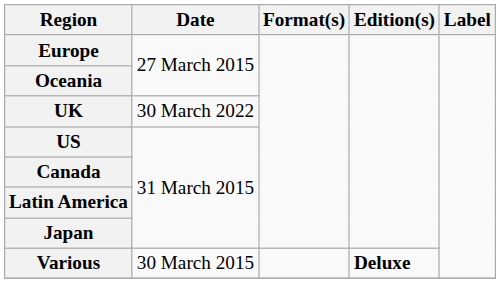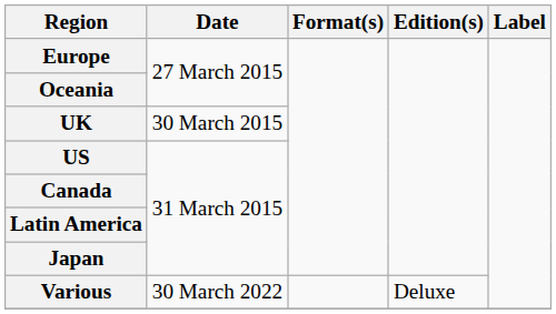 <table class="wikitable plainrowheaders">
 <tr>
 <th scope="col">Region</th>
 <th scope="col">Date</th>
 <th scope="col">Format(s)</th>
 <th scope="col">Edition(s)</th>
 <th scope="col">Label</th>
 </tr>
 <tr>
 <th scope="row">Europe</th>
 <td rowspan="2">27 March 2015</td>
 <td rowspan="7"></td>
 <td rowspan="7"></td>
 <td rowspan="8"></td>
 </tr>
 <tr>
 <th scope="row">Oceania</th>
 </tr>
 <tr>
 <th scope="row">UK</th>
-<td>30 March 2022</td>
+<td>30 March 2015</td>
 </tr>
 <tr>
 <th scope="row">US</th>
 <td rowspan="4">31 March 2015</td>
 </tr>
 <tr>
 <th scope="row">Canada</th>
 </tr>
 <tr>
 <th scope="row">Latin America</th>
 </tr>
 <tr>
 <th scope="row">Japan</th>
 </tr>
 <tr>
 <th scope="row">Various</th>
-<td>30 March 2015</td>
+<td>30 March 2022</td>
 <td></td>
-<td><strong>Deluxe</strong></td>
+<td>Deluxe</td>
 </tr>
 <tr>
 </tr>
 </table>
